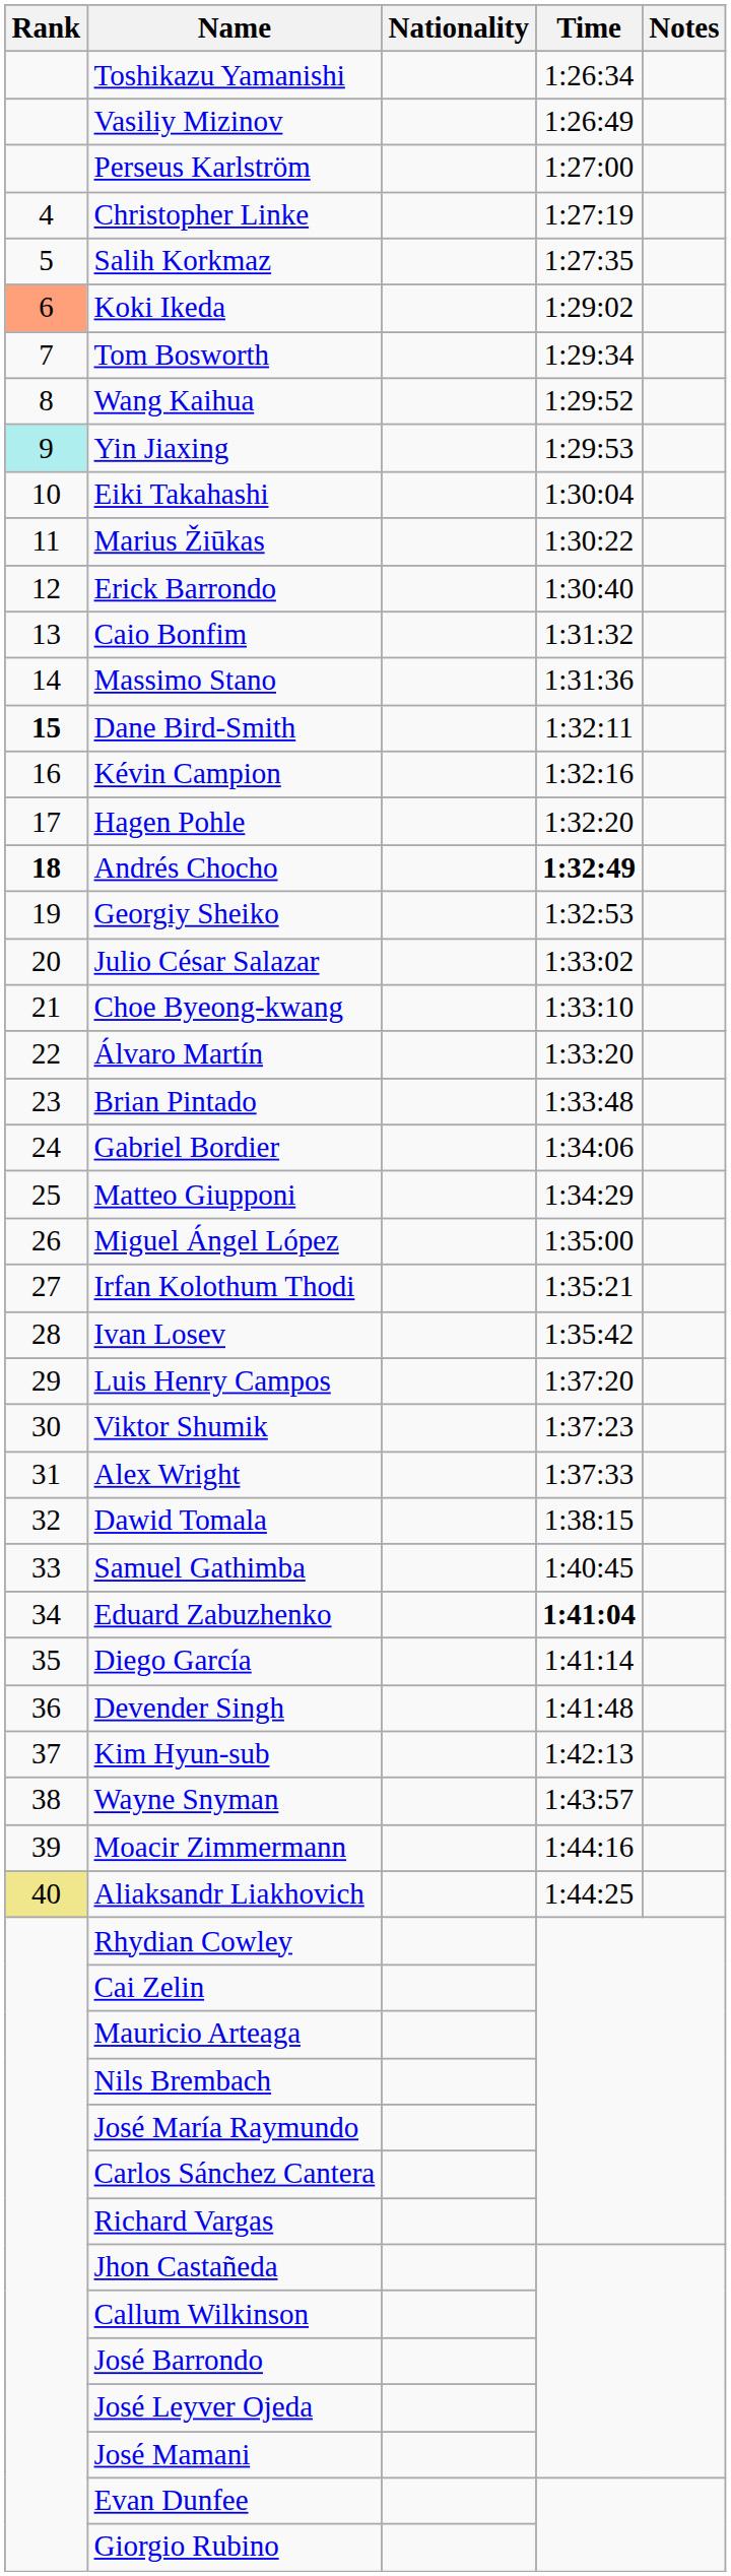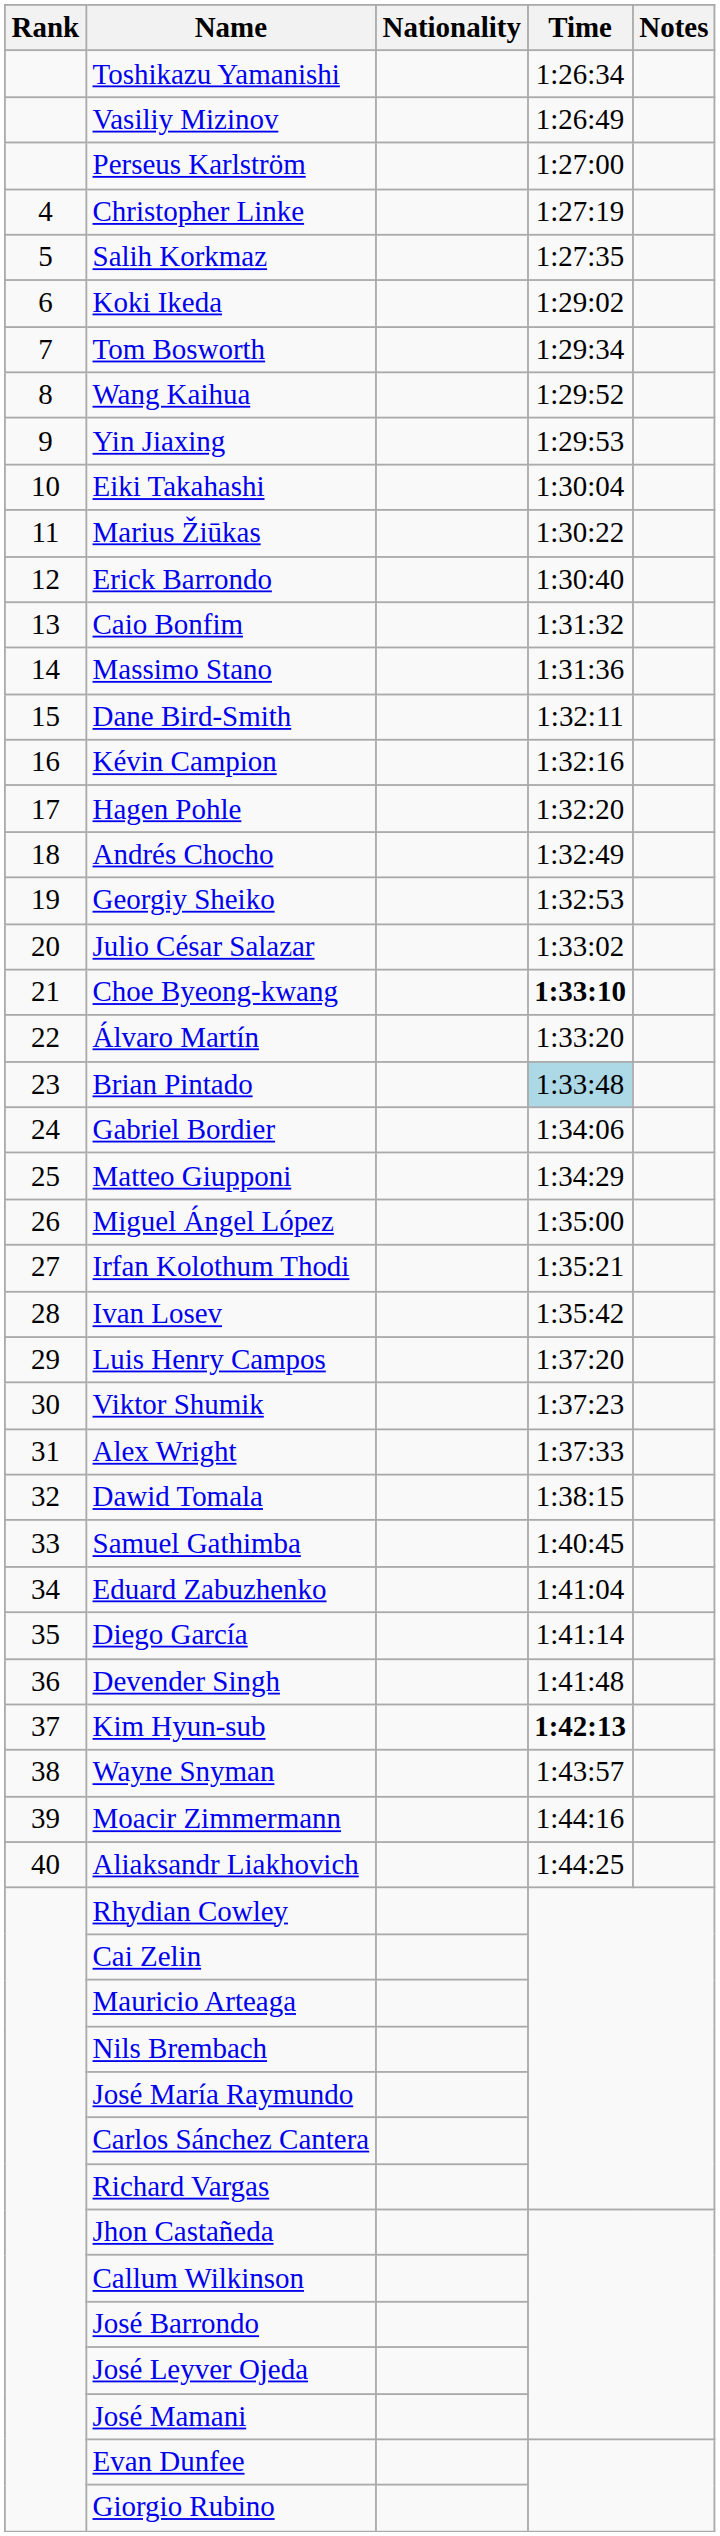 <table class="wikitable sortable" style="text-align:center">
 <tr>
 <th>Rank</th>
 <th>Name</th>
 <th>Nationality</th>
 <th>Time</th>
 <th>Notes</th>
 </tr>
 <tr>
 <td></td>
 <td align=left><a href='#'>Toshikazu Yamanishi</a></td>
 <td align=left></td>
 <td>1:26:34</td>
 <td></td>
 </tr>
 <tr>
 <td></td>
 <td align=left><a href='#'>Vasiliy Mizinov</a></td>
 <td align=left></td>
 <td>1:26:49</td>
 <td></td>
 </tr>
 <tr>
 <td></td>
 <td align=left><a href='#'>Perseus Karlström</a></td>
 <td align=left></td>
 <td>1:27:00</td>
 <td></td>
 </tr>
 <tr>
 <td>4</td>
 <td align=left><a href='#'>Christopher Linke</a></td>
 <td align=left></td>
 <td>1:27:19</td>
 <td></td>
 </tr>
 <tr>
 <td>5</td>
 <td align=left><a href='#'>Salih Korkmaz</a></td>
 <td align=left></td>
 <td>1:27:35</td>
 <td></td>
 </tr>
 <tr>
-<td style="background: lightsalmon;">6</td>
+<td>6</td>
 <td align=left><a href='#'>Koki Ikeda</a></td>
 <td align=left></td>
 <td>1:29:02</td>
 <td></td>
 </tr>
 <tr>
 <td>7</td>
 <td align=left><a href='#'>Tom Bosworth</a></td>
 <td align=left></td>
 <td>1:29:34</td>
 <td></td>
 </tr>
 <tr>
 <td>8</td>
 <td align=left><a href='#'>Wang Kaihua</a></td>
 <td align=left></td>
 <td>1:29:52</td>
 <td></td>
 </tr>
 <tr>
-<td style="background: paleturquoise;">9</td>
+<td>9</td>
 <td align=left><a href='#'>Yin Jiaxing</a></td>
 <td align=left></td>
 <td>1:29:53</td>
 <td></td>
 </tr>
 <tr>
 <td>10</td>
 <td align=left><a href='#'>Eiki Takahashi</a></td>
 <td align=left></td>
 <td>1:30:04</td>
 <td></td>
 </tr>
 <tr>
 <td>11</td>
 <td align=left><a href='#'>Marius Žiūkas</a></td>
 <td align=left></td>
 <td>1:30:22</td>
 <td></td>
 </tr>
 <tr>
 <td>12</td>
 <td align=left><a href='#'>Erick Barrondo</a></td>
 <td align=left></td>
 <td>1:30:40</td>
 <td></td>
 </tr>
 <tr>
 <td>13</td>
 <td align=left><a href='#'>Caio Bonfim</a></td>
 <td align=left></td>
 <td>1:31:32</td>
 <td></td>
 </tr>
 <tr>
 <td>14</td>
 <td align=left><a href='#'>Massimo Stano</a></td>
 <td align=left></td>
 <td>1:31:36</td>
 <td></td>
 </tr>
 <tr>
-<td><strong>15</strong></td>
+<td>15</td>
 <td align=left><a href='#'>Dane Bird-Smith</a></td>
 <td align=left></td>
 <td>1:32:11</td>
 <td></td>
 </tr>
 <tr>
 <td>16</td>
 <td align=left><a href='#'>Kévin Campion</a></td>
 <td align=left></td>
 <td>1:32:16</td>
 <td></td>
 </tr>
 <tr>
 <td>17</td>
 <td align=left><a href='#'>Hagen Pohle</a></td>
 <td align=left></td>
 <td>1:32:20</td>
 <td></td>
 </tr>
 <tr>
-<td><strong>18</strong></td>
+<td>18</td>
 <td align=left><a href='#'>Andrés Chocho</a></td>
 <td align=left></td>
-<td><strong>1:32:49</strong></td>
+<td>1:32:49</td>
 <td></td>
 </tr>
 <tr>
 <td>19</td>
 <td align=left><a href='#'>Georgiy Sheiko</a></td>
 <td align=left></td>
 <td>1:32:53</td>
 <td></td>
 </tr>
 <tr>
 <td>20</td>
 <td align=left><a href='#'>Julio César Salazar</a></td>
 <td align=left></td>
 <td>1:33:02</td>
 <td></td>
 </tr>
 <tr>
 <td>21</td>
 <td align=left><a href='#'>Choe Byeong-kwang</a></td>
 <td align=left></td>
-<td>1:33:10</td>
+<td><strong>1:33:10</strong></td>
 <td></td>
 </tr>
 <tr>
 <td>22</td>
 <td align=left><a href='#'>Álvaro Martín</a></td>
 <td align=left></td>
 <td>1:33:20</td>
 <td></td>
 </tr>
 <tr>
 <td>23</td>
 <td align=left><a href='#'>Brian Pintado</a></td>
 <td align=left></td>
-<td>1:33:48</td>
+<td style="background: lightblue;">1:33:48</td>
 <td></td>
 </tr>
 <tr>
 <td>24</td>
 <td align=left><a href='#'>Gabriel Bordier</a></td>
 <td align=left></td>
 <td>1:34:06</td>
 <td></td>
 </tr>
 <tr>
 <td>25</td>
 <td align=left><a href='#'>Matteo Giupponi</a></td>
 <td align=left></td>
 <td>1:34:29</td>
 <td></td>
 </tr>
 <tr>
 <td>26</td>
 <td align=left><a href='#'>Miguel Ángel López</a></td>
 <td align=left></td>
 <td>1:35:00</td>
 <td></td>
 </tr>
 <tr>
 <td>27</td>
 <td align=left><a href='#'>Irfan Kolothum Thodi</a></td>
 <td align=left></td>
 <td>1:35:21</td>
 <td></td>
 </tr>
 <tr>
 <td>28</td>
 <td align=left><a href='#'>Ivan Losev</a></td>
 <td align=left></td>
 <td>1:35:42</td>
 <td></td>
 </tr>
 <tr>
 <td>29</td>
 <td align=left><a href='#'>Luis Henry Campos</a></td>
 <td align=left></td>
 <td>1:37:20</td>
 <td></td>
 </tr>
 <tr>
 <td>30</td>
 <td align=left><a href='#'>Viktor Shumik</a></td>
 <td align=left></td>
 <td>1:37:23</td>
 <td></td>
 </tr>
 <tr>
 <td>31</td>
 <td align=left><a href='#'>Alex Wright</a></td>
 <td align=left></td>
 <td>1:37:33</td>
 <td></td>
 </tr>
 <tr>
 <td>32</td>
 <td align=left><a href='#'>Dawid Tomala</a></td>
 <td align=left></td>
 <td>1:38:15</td>
 <td></td>
 </tr>
 <tr>
 <td>33</td>
 <td align=left><a href='#'>Samuel Gathimba</a></td>
 <td align=left></td>
 <td>1:40:45</td>
 <td></td>
 </tr>
 <tr>
 <td>34</td>
 <td align=left><a href='#'>Eduard Zabuzhenko</a></td>
 <td align=left></td>
-<td><strong>1:41:04</strong></td>
+<td>1:41:04</td>
 <td></td>
 </tr>
 <tr>
 <td>35</td>
 <td align=left><a href='#'>Diego García</a></td>
 <td align=left></td>
 <td>1:41:14</td>
 <td></td>
 </tr>
 <tr>
 <td>36</td>
 <td align=left><a href='#'>Devender Singh</a></td>
 <td align=left></td>
 <td>1:41:48</td>
 <td></td>
 </tr>
 <tr>
 <td>37</td>
 <td align=left><a href='#'>Kim Hyun-sub</a></td>
 <td align=left></td>
-<td>1:42:13</td>
+<td><strong>1:42:13</strong></td>
 <td></td>
 </tr>
 <tr>
 <td>38</td>
 <td align=left><a href='#'>Wayne Snyman</a></td>
 <td align=left></td>
 <td>1:43:57</td>
 <td></td>
 </tr>
 <tr>
 <td>39</td>
 <td align=left><a href='#'>Moacir Zimmermann</a></td>
 <td align=left></td>
 <td>1:44:16</td>
 <td></td>
 </tr>
 <tr>
-<td style="background: khaki;">40</td>
+<td>40</td>
 <td align=left><a href='#'>Aliaksandr Liakhovich</a></td>
 <td align=left></td>
 <td>1:44:25</td>
 <td></td>
 </tr>
 <tr>
 <td rowspan=14></td>
 <td align=left><a href='#'>Rhydian Cowley</a></td>
 <td align=left></td>
 <td rowspan=7 colspan=2></td>
 </tr>
 <tr>
 <td align=left><a href='#'>Cai Zelin</a></td>
 <td align=left></td>
 </tr>
 <tr>
 <td align=left><a href='#'>Mauricio Arteaga</a></td>
 <td align=left></td>
 </tr>
 <tr>
 <td align=left><a href='#'>Nils Brembach</a></td>
 <td align=left></td>
 </tr>
 <tr>
 <td align=left><a href='#'>José María Raymundo</a></td>
 <td align=left></td>
 </tr>
 <tr>
 <td align=left><a href='#'>Carlos Sánchez Cantera</a></td>
 <td align=left></td>
 </tr>
 <tr>
 <td align=left><a href='#'>Richard Vargas</a></td>
 <td align=left></td>
 </tr>
 <tr>
 <td align=left><a href='#'>Jhon Castañeda</a></td>
 <td align=left></td>
 <td rowspan=5 colspan=2></td>
 </tr>
 <tr>
 <td align=left><a href='#'>Callum Wilkinson</a></td>
 <td align=left></td>
 </tr>
 <tr>
 <td align=left><a href='#'>José Barrondo</a></td>
 <td align=left></td>
 </tr>
 <tr>
 <td align=left><a href='#'>José Leyver Ojeda</a></td>
 <td align=left></td>
 </tr>
 <tr>
 <td align=left><a href='#'>José Mamani</a></td>
 <td align=left></td>
 </tr>
 <tr>
 <td align=left><a href='#'>Evan Dunfee</a></td>
 <td align=left></td>
 <td rowspan=2 colspan=2></td>
 </tr>
 <tr>
 <td align=left><a href='#'>Giorgio Rubino</a></td>
 <td align=left></td>
 </tr>
 </table>
